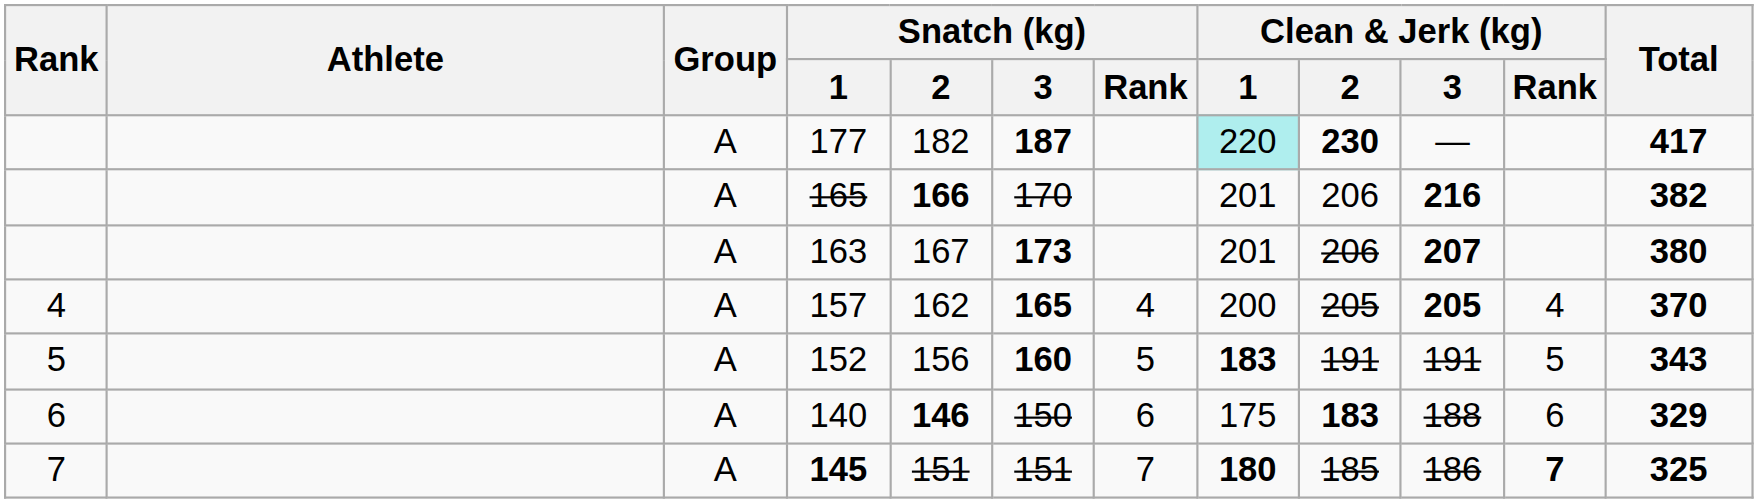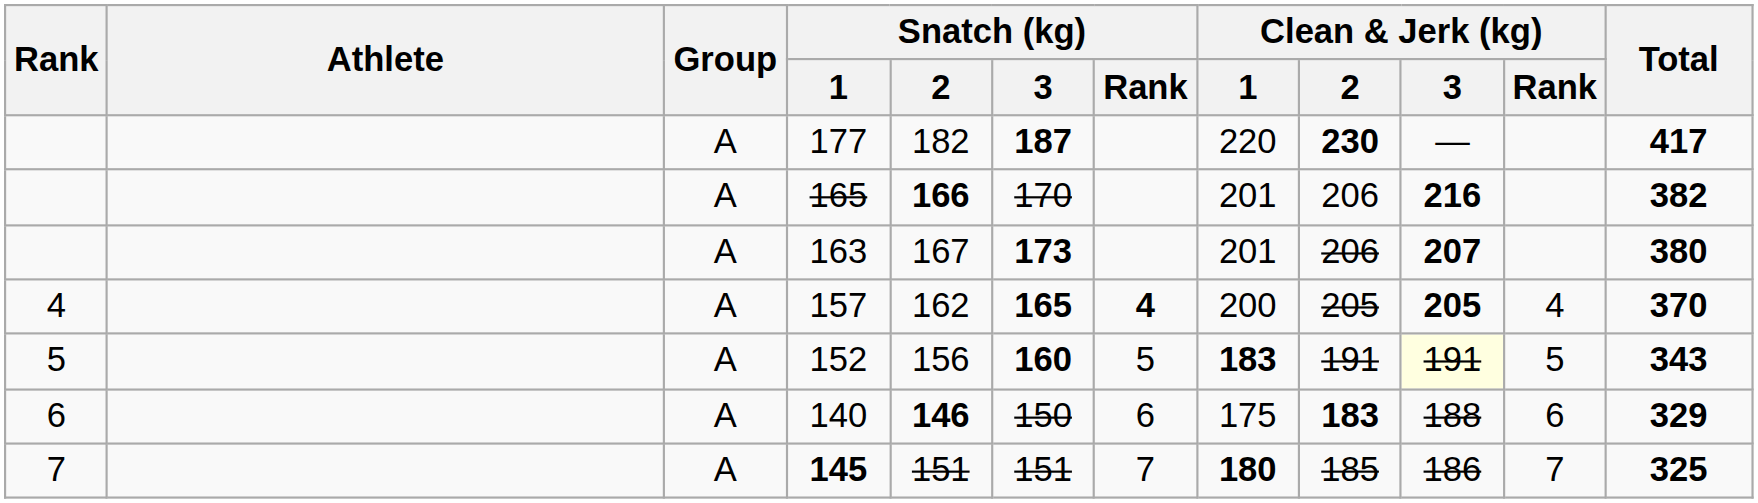 <table class = "wikitable" style="text-align:center;">
 <tr>
 <th rowspan=2 width=40>Rank</th>
 <th rowspan=2 width=250>Athlete</th>
 <th rowspan=2 width=50>Group</th>
 <th colspan=4>Snatch (kg)</th>
 <th colspan=4>Clean & Jerk (kg)</th>
 <th rowspan=2 width=60>Total</th>
 </tr>
 <tr>
 <th width=40>1</th>
 <th width=40>2</th>
 <th width=40>3</th>
 <th width=40>Rank</th>
 <th width=40>1</th>
 <th width=40>2</th>
 <th width=40>3</th>
 <th width=40>Rank</th>
 </tr>
 <tr>
 <td></td>
 <td align=left></td>
 <td>A</td>
 <td>177</td>
 <td>182</td>
 <td><strong>187</strong></td>
 <td></td>
-<td style="background: paleturquoise;">220</td>
+<td>220</td>
 <td><strong>230</strong></td>
 <td>—</td>
 <td></td>
 <td><strong>417</strong></td>
 </tr>
 <tr>
 <td></td>
 <td align=left></td>
 <td>A</td>
 <td><s>165</s></td>
 <td><strong>166</strong></td>
 <td><s>170</s></td>
 <td></td>
 <td>201</td>
 <td>206</td>
 <td><strong>216</strong></td>
 <td></td>
 <td><strong>382</strong></td>
 </tr>
 <tr>
 <td></td>
 <td align=left></td>
 <td>A</td>
 <td>163</td>
 <td>167</td>
 <td><strong>173</strong></td>
 <td></td>
 <td>201</td>
 <td><s>206</s></td>
 <td><strong>207</strong></td>
 <td></td>
 <td><strong>380</strong></td>
 </tr>
 <tr>
 <td>4</td>
 <td align=left></td>
 <td>A</td>
 <td>157</td>
 <td>162</td>
 <td><strong>165</strong></td>
-<td>4</td>
+<td><strong>4</strong></td>
 <td>200</td>
 <td><s>205</s></td>
 <td><strong>205</strong></td>
 <td>4</td>
 <td><strong>370</strong></td>
 </tr>
 <tr>
 <td>5</td>
 <td align=left></td>
 <td>A</td>
 <td>152</td>
 <td>156</td>
 <td><strong>160</strong></td>
 <td>5</td>
 <td><strong>183</strong></td>
 <td><s>191</s></td>
-<td><s>191</s></td>
+<td style="background: lightyellow;"><s>191</s></td>
 <td>5</td>
 <td><strong>343</strong></td>
 </tr>
 <tr>
 <td>6</td>
 <td align=left></td>
 <td>A</td>
 <td>140</td>
 <td><strong>146</strong></td>
 <td><s>150</s></td>
 <td>6</td>
 <td>175</td>
 <td><strong>183</strong></td>
 <td><s>188</s></td>
 <td>6</td>
 <td><strong>329</strong></td>
 </tr>
 <tr>
 <td>7</td>
 <td align=left></td>
 <td>A</td>
 <td><strong>145</strong></td>
 <td><s>151</s></td>
 <td><s>151</s></td>
 <td>7</td>
 <td><strong>180</strong></td>
 <td><s>185</s></td>
 <td><s>186</s></td>
-<td><strong>7</strong></td>
+<td>7</td>
 <td><strong>325</strong></td>
 </tr>
 </table>
